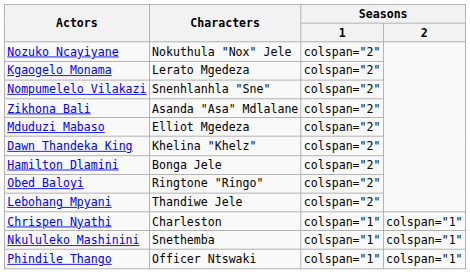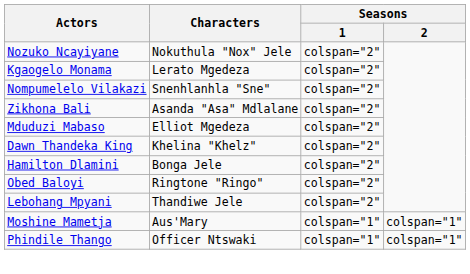 <table class="wikitable">
 <tr>
 <th rowspan="2">Actors</th>
 <th rowspan="2">Characters</th>
 <th colspan="2">Seasons</th>
 </tr>
 <tr>
 <th>1</th>
 <th>2</th>
 </tr>
 <tr>
 <td><a href='#'>Nozuko Ncayiyane</a></td>
 <td>Nokuthula "Nox" Jele</td>
 <td>colspan="2" </td>
 </tr>
 <tr>
 <td><a href='#'>Kgaogelo Monama</a></td>
 <td>Lerato Mgedeza</td>
 <td>colspan="2" </td>
 </tr>
 <tr>
 <td><a href='#'>Nompumelelo Vilakazi</a></td>
 <td>Snenhlanhla "Sne"</td>
 <td>colspan="2" </td>
 </tr>
 <tr>
 <td><a href='#'>Zikhona Bali</a></td>
 <td>Asanda "Asa" Mdlalane</td>
 <td>colspan="2" </td>
 </tr>
 <tr>
 <td><a href='#'>Mduduzi Mabaso</a></td>
 <td>Elliot Mgedeza</td>
 <td>colspan="2" </td>
 </tr>
 <tr>
 <td><a href='#'>Dawn Thandeka King</a></td>
 <td>Khelina "Khelz"</td>
 <td>colspan="2" </td>
 </tr>
 <tr>
 <td><a href='#'>Hamilton Dlamini</a></td>
 <td>Bonga Jele</td>
 <td>colspan="2" </td>
 </tr>
 <tr>
 <td><a href='#'>Obed Baloyi</a></td>
 <td>Ringtone "Ringo"</td>
 <td>colspan="2" </td>
 </tr>
 <tr>
 <td><a href='#'>Lebohang Mpyani</a></td>
 <td>Thandiwe Jele</td>
 <td>colspan="2" </td>
 </tr>
 <tr>
-<td><a href='#'>Chrispen Nyathi</a></td>
-<td>Charleston</td>
-<td>colspan="1" </td>
-<td>colspan="1" </td>
-</tr>
-<tr>
-<td><a href='#'>Nkululeko Mashinini</a></td>
-<td>Snethemba</td>
+<td><a href='#'>Moshine Mametja</a></td>
+<td>Aus'Mary</td>
 <td>colspan="1" </td>
 <td>colspan="1" </td>
 </tr>
 <tr>
 <td><a href='#'>Phindile Thango</a></td>
 <td>Officer Ntswaki</td>
 <td>colspan="1" </td>
 <td>colspan="1" </td>
 </tr>
 </table>
